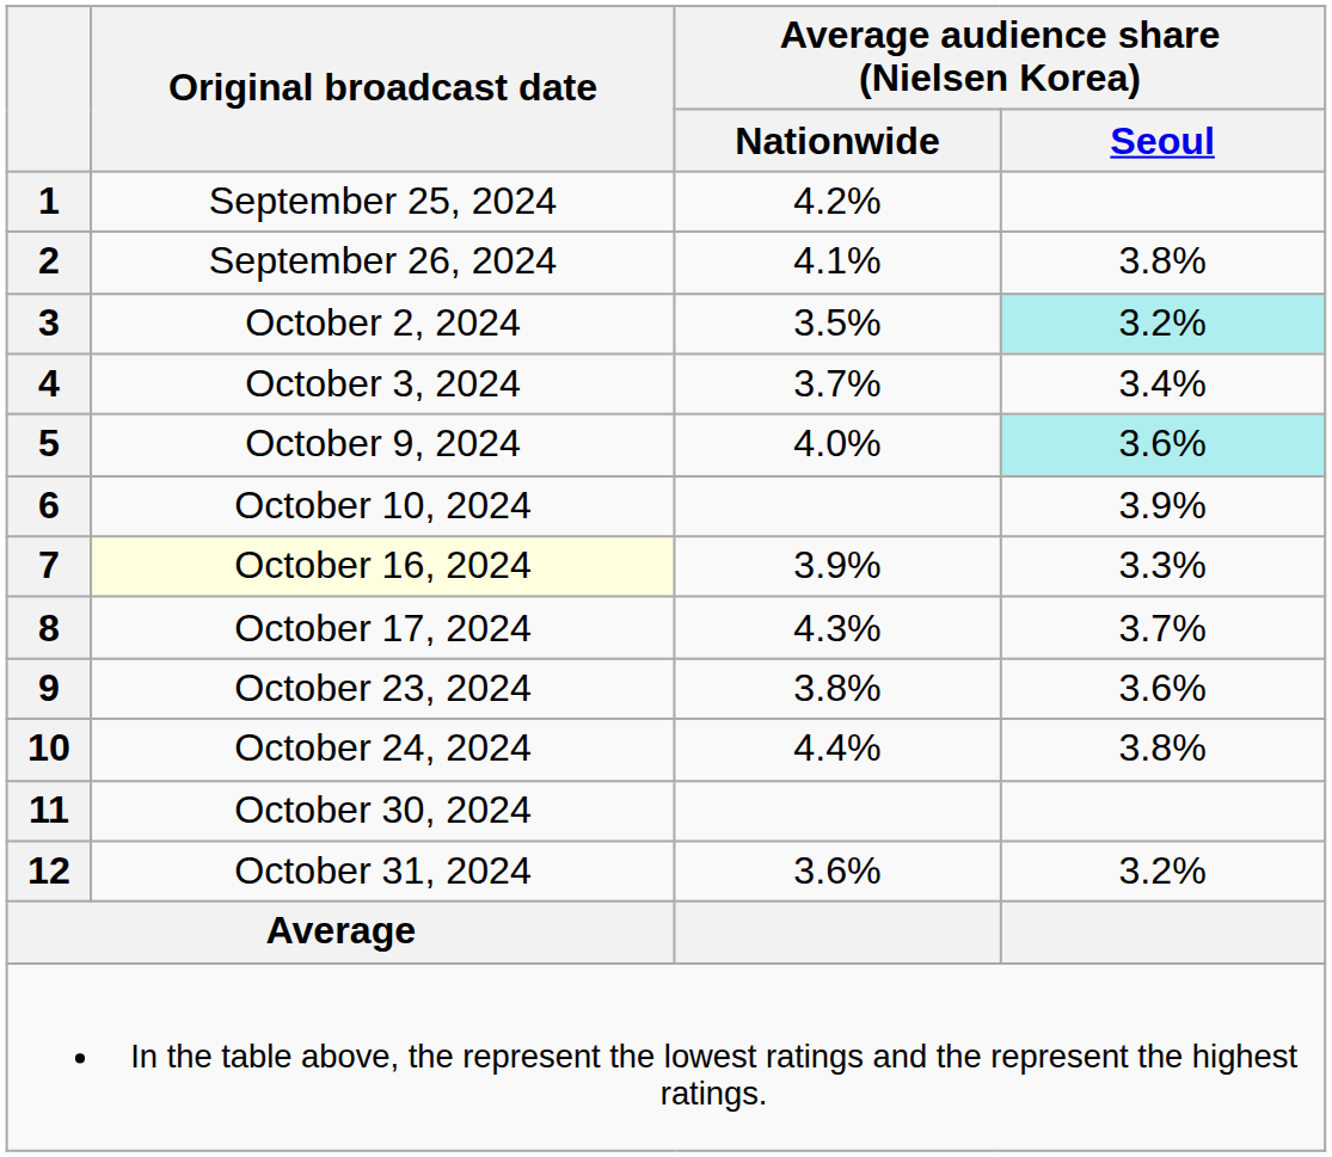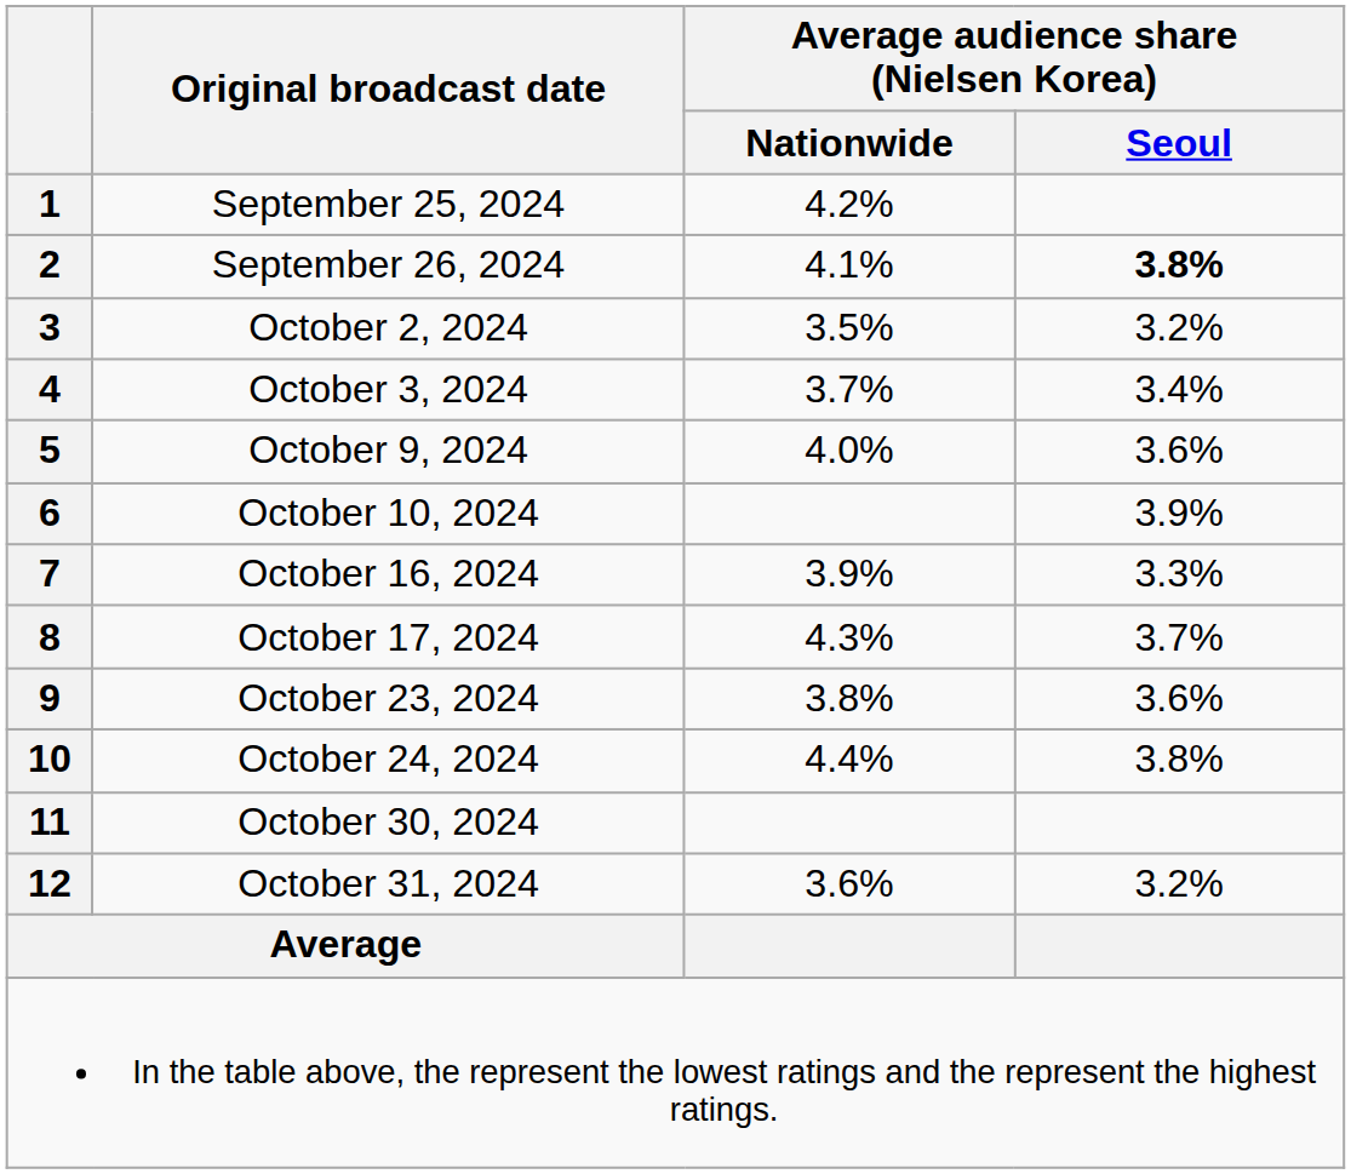 <table class="wikitable" style="margin-left:auto; margin-right:auto; width:550px; text-align:center">
 <tr>
 <th scope="col" rowspan="2"></th>
 <th scope="col" rowspan="2">Original broadcast date</th>
 <th scope="col" colspan="2">Average audience share<br>(Nielsen Korea)</th>
 </tr>
 <tr>
 <th scope="col" style="width:8em">Nationwide</th>
 <th scope="col" style="width:8em"><a href='#'>Seoul</a></th>
 </tr>
 <tr>
 <th scope="row">1</th>
 <td>September 25, 2024</td>
 <td>4.2% </td>
 <td><strong></strong> </td>
 </tr>
 <tr>
 <th scope="row">2</th>
 <td>September 26, 2024</td>
 <td>4.1% </td>
-<td>3.8% </td>
+<td><strong>3.8% </strong></td>
 </tr>
 <tr>
 <th scope="row">3</th>
 <td>October 2, 2024</td>
 <td>3.5% </td>
-<td style="background: paleturquoise;">3.2% </td>
+<td>3.2% </td>
 </tr>
 <tr>
 <th scope="row">4</th>
 <td>October 3, 2024</td>
 <td>3.7% </td>
 <td>3.4% </td>
 </tr>
 <tr>
 <th scope="row">5</th>
 <td>October 9, 2024</td>
 <td>4.0% </td>
-<td style="background: paleturquoise;">3.6% </td>
+<td>3.6% </td>
 </tr>
 <tr>
 <th scope="row">6</th>
 <td>October 10, 2024</td>
 <td><strong></strong> </td>
 <td>3.9% </td>
 </tr>
 <tr>
 <th scope="row">7</th>
-<td style="background: lightyellow;">October 16, 2024</td>
+<td>October 16, 2024</td>
 <td>3.9% </td>
 <td>3.3% </td>
 </tr>
 <tr>
 <th scope="row">8</th>
 <td>October 17, 2024</td>
 <td>4.3% </td>
 <td>3.7% </td>
 </tr>
 <tr>
 <th scope="row">9</th>
 <td>October 23, 2024</td>
 <td>3.8% </td>
 <td>3.6% </td>
 </tr>
 <tr>
 <th scope="row">10</th>
 <td>October 24, 2024</td>
 <td>4.4% </td>
 <td>3.8% </td>
 </tr>
 <tr>
 <th scope="row">11</th>
 <td>October 30, 2024</td>
 <td><strong></strong> </td>
 <td><strong></strong> </td>
 </tr>
 <tr>
 <th scope="row">12</th>
 <td>October 31, 2024</td>
 <td>3.6% </td>
 <td>3.2% </td>
 </tr>
 <tr>
 <th scope="col" colspan="2">Average</th>
 <th scope="col"></th>
 <th scope="col"></th>
 </tr>
 <tr>
 <td colspan="5" style="font-size:85%"><br><ul><li>In the table above, the <strong></strong> represent the lowest ratings and the <strong></strong> represent the highest ratings.</li></ul></td>
 </tr>
 </table>
